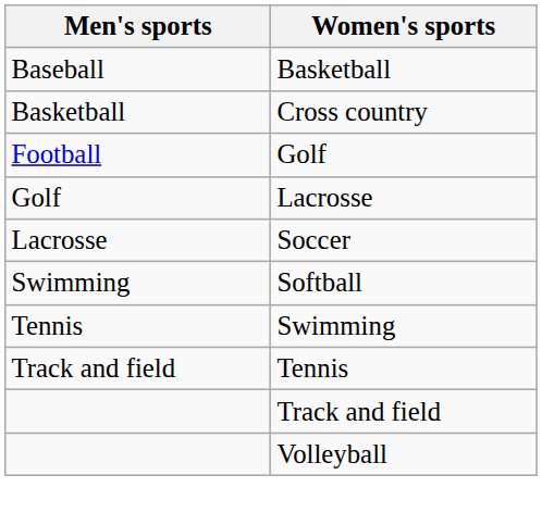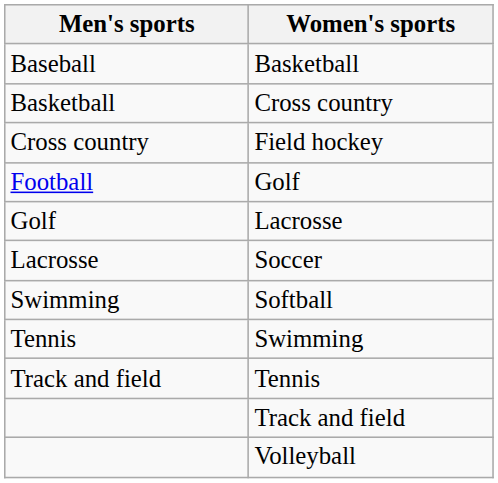 <table class= wikitable>
 <tr>
 <th width=150px>Men's sports</th>
 <th width=150px>Women's sports</th>
 </tr>
 <tr>
 <td>Baseball</td>
 <td>Basketball</td>
 </tr>
 <tr>
 <td>Basketball</td>
 <td>Cross country</td>
+</tr>
+<tr>
+<td>Cross country</td>
+<td>Field hockey</td>
 </tr>
 <tr>
 <td><a href='#'>Football</a></td>
 <td>Golf</td>
 </tr>
 <tr>
 <td>Golf</td>
 <td>Lacrosse</td>
 </tr>
 <tr>
 <td>Lacrosse</td>
 <td>Soccer</td>
 </tr>
 <tr>
 <td>Swimming</td>
 <td>Softball</td>
 </tr>
 <tr>
 <td>Tennis</td>
 <td>Swimming</td>
 </tr>
 <tr>
 <td>Track and field</td>
 <td>Tennis</td>
 </tr>
 <tr>
 <td></td>
 <td>Track and field</td>
 </tr>
 <tr>
 <td></td>
 <td>Volleyball</td>
 </tr>
 </table>
